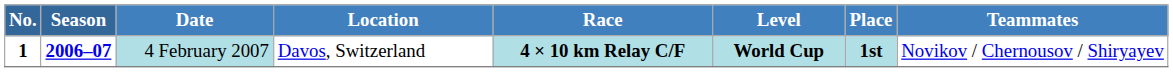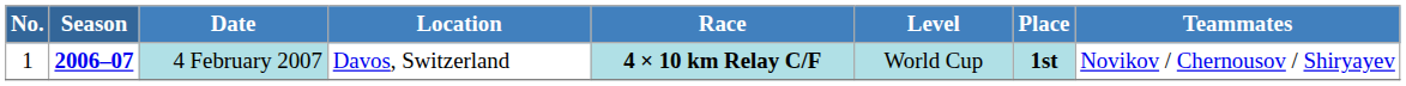 <table class="wikitable sortable" style="font-size:95%; text-align:center; border:grey solid 1px; border-collapse:collapse; background:#ffffff;">
 <tr style="background:#efefef;">
 <th style="background-color:#369; color:white;">No.</th>
 <th style="background-color:#369; color:white;">Season</th>
 <th style="background-color:#4180be; color:white; width:120px;">Date</th>
 <th style="background-color:#4180be; color:white; width:170px;">Location</th>
 <th style="background-color:#4180be; color:white; width:170px;">Race</th>
 <th style="background-color:#4180be; color:white; width:100px;">Level</th>
 <th style="background-color:#4180be; color:white;">Place</th>
 <th style="background-color:#4180be; color:white;">Teammates</th>
 </tr>
 <tr>
-<td align=center><strong>1</strong></td>
+<td align=center>1</td>
 <td rowspan=1 align=center><strong><a href='#'>2006–07</a></strong></td>
 <td bgcolor="#BOEOE6" align=right>4 February 2007</td>
 <td align=left> <a href='#'>Davos</a>, Switzerland</td>
 <td bgcolor="#BOEOE6"><strong>4 × 10 km Relay C/F</strong></td>
-<td bgcolor="#BOEOE6"><strong>World Cup</strong></td>
+<td bgcolor="#BOEOE6">World Cup</td>
 <td bgcolor="#BOEOE6"><strong>1st</strong></td>
 <td><a href='#'>Novikov</a> / <a href='#'>Chernousov</a> / <a href='#'>Shiryayev</a></td>
 </tr>
 <tr>
 </tr>
 </table>
